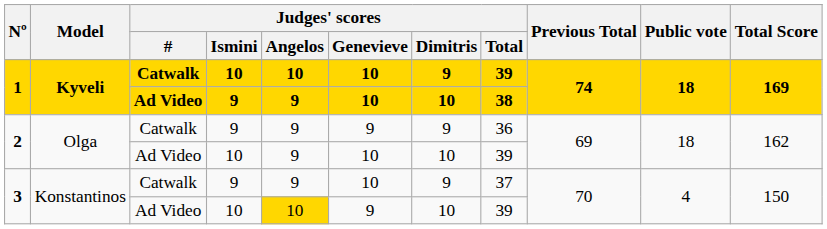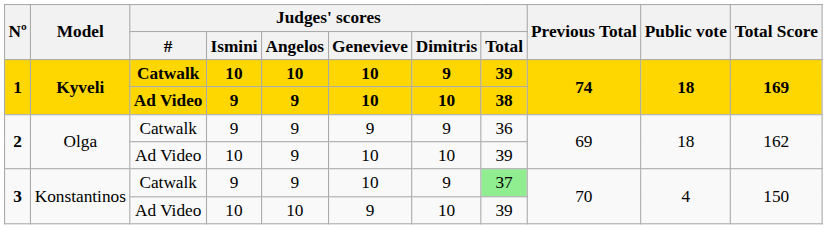 <table class="wikitable" style="text-align:center;">
 <tr>
 <th rowspan="2">Nº</th>
 <th rowspan="2">Model</th>
 <th colspan="6">Judges' scores</th>
 <th rowspan="2">Previous Total</th>
 <th rowspan="2">Public vote</th>
 <th rowspan="2">Total Score</th>
 </tr>
 <tr>
 <th>#</th>
 <th>Ismini</th>
 <th>Angelos</th>
 <th>Genevieve</th>
 <th>Dimitris</th>
 <th>Total</th>
 </tr>
 <tr>
 <th rowspan="2" style="background:gold">1</th>
 <th rowspan="2" style="background:gold">Kyveli</th>
 <th style="background:gold">Catwalk</th>
 <th style="background:gold">10</th>
 <th style="background:gold">10</th>
 <th style="background:gold">10</th>
 <th style="background:gold">9</th>
 <th style="background:gold">39</th>
 <th rowspan="2" style="background:gold">74</th>
 <th rowspan="2" style="background:gold">18</th>
 <th rowspan="2" style="background:gold">169</th>
 </tr>
 <tr>
 <th style="background:gold">Ad Video</th>
 <th style="background:gold">9</th>
 <th style="background:gold">9</th>
 <th style="background:gold">10</th>
 <th style="background:gold">10</th>
 <th style="background:gold">38</th>
 </tr>
 <tr>
 <td rowspan="2"><strong>2</strong></td>
 <td rowspan="2">Olga</td>
 <td>Catwalk</td>
 <td>9</td>
 <td>9</td>
 <td>9</td>
 <td>9</td>
 <td>36</td>
 <td rowspan="2">69</td>
 <td rowspan="2">18</td>
 <td rowspan="2">162</td>
 </tr>
 <tr>
 <td>Ad Video</td>
 <td>10</td>
 <td>9</td>
 <td>10</td>
 <td>10</td>
 <td>39</td>
 </tr>
 <tr>
 <td rowspan="2"><strong>3</strong></td>
 <td rowspan="2">Konstantinos</td>
 <td>Catwalk</td>
 <td>9</td>
 <td>9</td>
 <td>10</td>
 <td>9</td>
-<td>37</td>
+<td style="background: lightgreen;">37</td>
 <td rowspan="2">70</td>
 <td rowspan="2">4</td>
 <td rowspan="2">150</td>
 </tr>
 <tr>
 <td>Ad Video</td>
 <td>10</td>
-<td style="background: gold;">10</td>
+<td>10</td>
 <td>9</td>
 <td>10</td>
 <td>39</td>
 </tr>
 </table>
